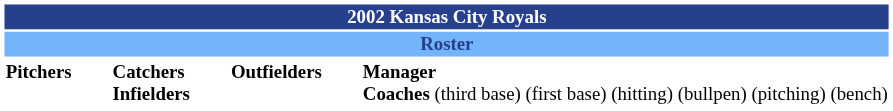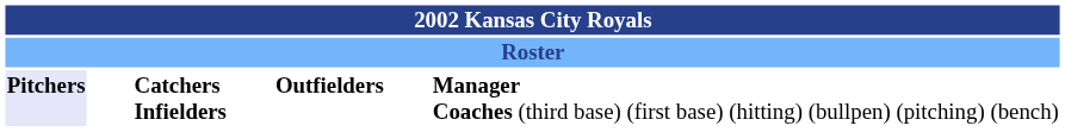 <table class="toccolours" style="font-size: 95%;">
 <tr>
 <th colspan="10" style="background-color: #27408B; color: white; text-align: center;">2002 Kansas City Royals</th>
 </tr>
 <tr>
 <td colspan="10" style="background-color: #74B4FA; color: #27408B; text-align: center;"><strong>Roster</strong></td>
 </tr>
 <tr>
-<td valign="top"><strong>Pitchers</strong><br>                          </td>
+<td valign="top" style="background: lavender;"><strong>Pitchers</strong><br>                          </td>
 <td width="25px"></td>
 <td valign="top"><strong>Catchers</strong><br>    <strong>Infielders</strong>           </td>
 <td width="25px"></td>
 <td valign="top"><strong>Outfielders</strong><br>          </td>
 <td width="25px"></td>
 <td valign="top"><strong>Manager</strong><br>   <strong>Coaches</strong>  (third base)  (first base)  (hitting)  (bullpen)  (pitching)  (bench)</td>
 </tr>
 </table>
